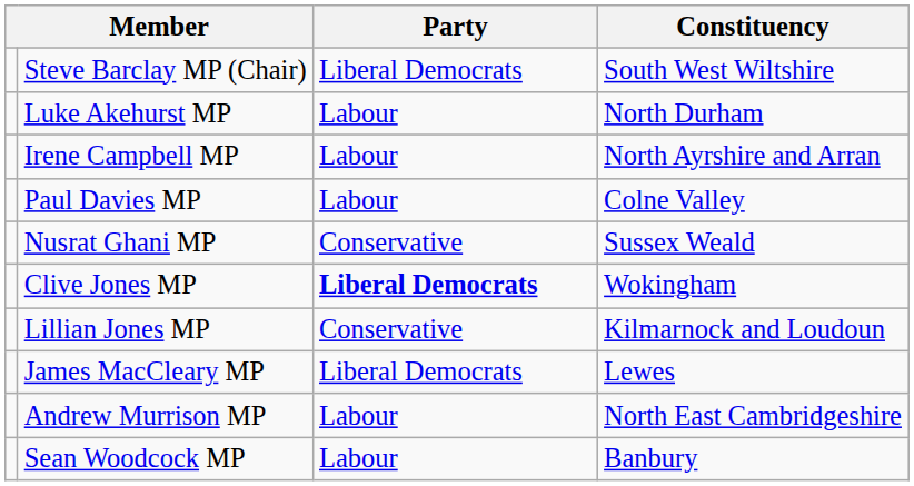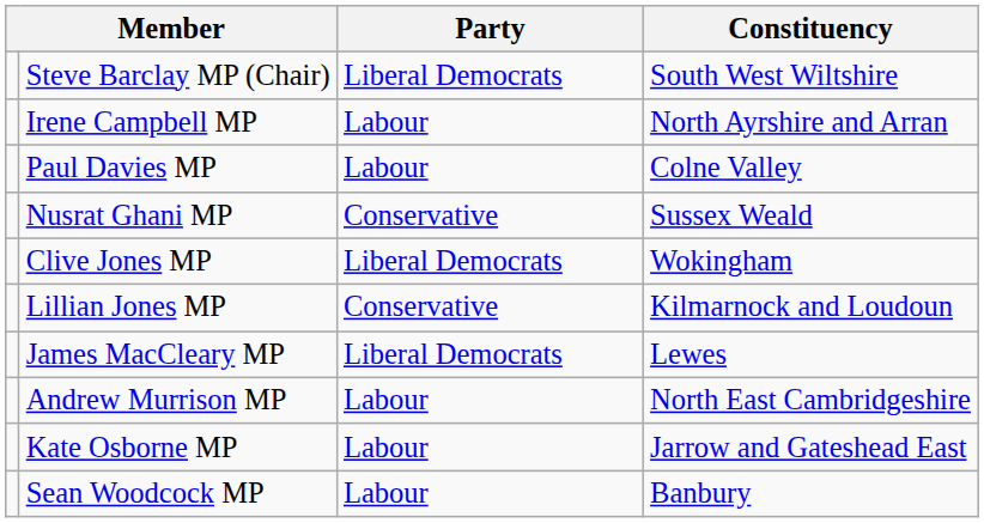 <table class="wikitable">
 <tr>
 <th width="160px" colspan="2" valign="top">Member</th>
 <th width="160px" valign="top">Party</th>
 <th valign="top">Constituency</th>
 </tr>
 <tr>
 <td style="color:inherit;background:"></td>
 <td><a href='#'>Steve Barclay</a> MP (Chair)</td>
 <td><a href='#'>Liberal Democrats</a></td>
 <td><a href='#'>South West Wiltshire</a></td>
-</tr>
-<tr>
-<td style="color:inherit;background:"></td>
-<td><a href='#'>Luke Akehurst</a> MP</td>
-<td><a href='#'>Labour</a></td>
-<td><a href='#'>North Durham</a></td>
 </tr>
 <tr>
 <td style="color:inherit;background:"></td>
 <td><a href='#'>Irene Campbell</a> MP</td>
 <td><a href='#'>Labour</a></td>
 <td><a href='#'>North Ayrshire and Arran</a></td>
 </tr>
 <tr>
 <td style="color:inherit;background:"></td>
 <td><a href='#'>Paul Davies</a> MP</td>
 <td><a href='#'>Labour</a></td>
 <td><a href='#'>Colne Valley</a></td>
 </tr>
 <tr>
 <td style="color:inherit;background:"></td>
 <td><a href='#'>Nusrat Ghani</a> MP</td>
 <td><a href='#'>Conservative</a></td>
 <td><a href='#'>Sussex Weald</a></td>
 </tr>
 <tr>
 <td style="color:inherit;background:"></td>
 <td><a href='#'>Clive Jones</a> MP</td>
-<td><strong><a href='#'>Liberal Democrats</a></strong></td>
+<td><a href='#'>Liberal Democrats</a></td>
 <td><a href='#'>Wokingham</a></td>
 </tr>
 <tr>
 <td style="color:inherit;background:"></td>
 <td><a href='#'>Lillian Jones</a> MP</td>
 <td><a href='#'>Conservative</a></td>
 <td><a href='#'>Kilmarnock and Loudoun</a></td>
 </tr>
 <tr>
 <td style="color:inherit;background:"></td>
 <td><a href='#'>James MacCleary</a> MP</td>
 <td><a href='#'>Liberal Democrats</a></td>
 <td><a href='#'>Lewes</a></td>
 </tr>
 <tr>
 <td style="color:inherit;background:"></td>
 <td><a href='#'>Andrew Murrison</a> MP</td>
 <td><a href='#'>Labour</a></td>
 <td><a href='#'>North East Cambridgeshire</a></td>
 </tr>
 <tr>
 <td style="color:inherit;background:"></td>
+<td><a href='#'>Kate Osborne</a> MP</td>
+<td><a href='#'>Labour</a></td>
+<td><a href='#'>Jarrow and Gateshead East</a></td>
+</tr>
+<tr>
+<td style="color:inherit;background:"></td>
 <td><a href='#'>Sean Woodcock</a> MP</td>
 <td><a href='#'>Labour</a></td>
 <td><a href='#'>Banbury</a></td>
 </tr>
 </table>
